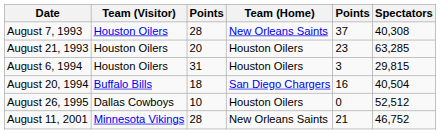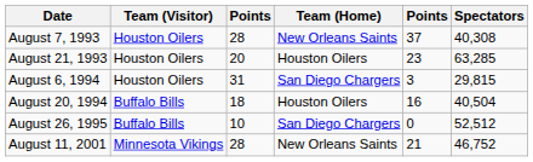 <table class="wikitable" style=font-size:100% style="text-align:center">
 <tr>
 <th style="text-align:center;">Date</th>
 <th style="text-align:center;">Team (Visitor)</th>
 <th style="text-align:center;">Points</th>
 <th style="text-align:center;">Team (Home)</th>
 <th style="text-align:center;">Points</th>
 <th style="text-align:center;">Spectators</th>
 </tr>
 <tr>
 <td>August 7, 1993</td>
 <td><a href='#'>Houston Oilers</a></td>
 <td>28</td>
 <td><a href='#'>New Orleans Saints</a></td>
 <td>37</td>
 <td>40,308</td>
 </tr>
 <tr>
 <td>August 21, 1993</td>
 <td>Houston Oilers</td>
 <td>20</td>
 <td>Houston Oilers</td>
 <td>23</td>
 <td>63,285</td>
 </tr>
 <tr>
 <td>August 6, 1994</td>
 <td>Houston Oilers</td>
 <td>31</td>
-<td>Houston Oilers</td>
+<td><a href='#'>San Diego Chargers</a></td>
 <td>3</td>
 <td>29,815</td>
 </tr>
 <tr>
 <td>August 20, 1994</td>
 <td><a href='#'>Buffalo Bills</a></td>
 <td>18</td>
-<td><a href='#'>San Diego Chargers</a></td>
+<td>Houston Oilers</td>
 <td>16</td>
 <td>40,504</td>
 </tr>
 <tr>
 <td>August 26, 1995</td>
-<td>Dallas Cowboys</td>
+<td><a href='#'>Buffalo Bills</a></td>
 <td>10</td>
-<td>Houston Oilers</td>
+<td><a href='#'>San Diego Chargers</a></td>
 <td>0</td>
 <td>52,512</td>
 </tr>
 <tr>
 <td>August 11, 2001</td>
 <td><a href='#'>Minnesota Vikings</a></td>
 <td>28</td>
 <td>New Orleans Saints</td>
 <td>21</td>
 <td>46,752</td>
 </tr>
 </table>
